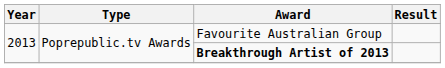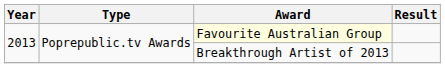 <table class="wikitable">
 <tr>
 <th>Year</th>
 <th>Type</th>
 <th>Award</th>
 <th>Result</th>
 </tr>
 <tr>
 <td rowspan="2">2013</td>
 <td rowspan="2">Poprepublic.tv Awards</td>
-<td>Favourite Australian Group</td>
+<td style="background: lightyellow;">Favourite Australian Group</td>
 <td></td>
 </tr>
 <tr>
-<td><strong>Breakthrough Artist of 2013</strong></td>
+<td>Breakthrough Artist of 2013</td>
 <td></td>
 </tr>
 <tr>
 </tr>
 </table>
